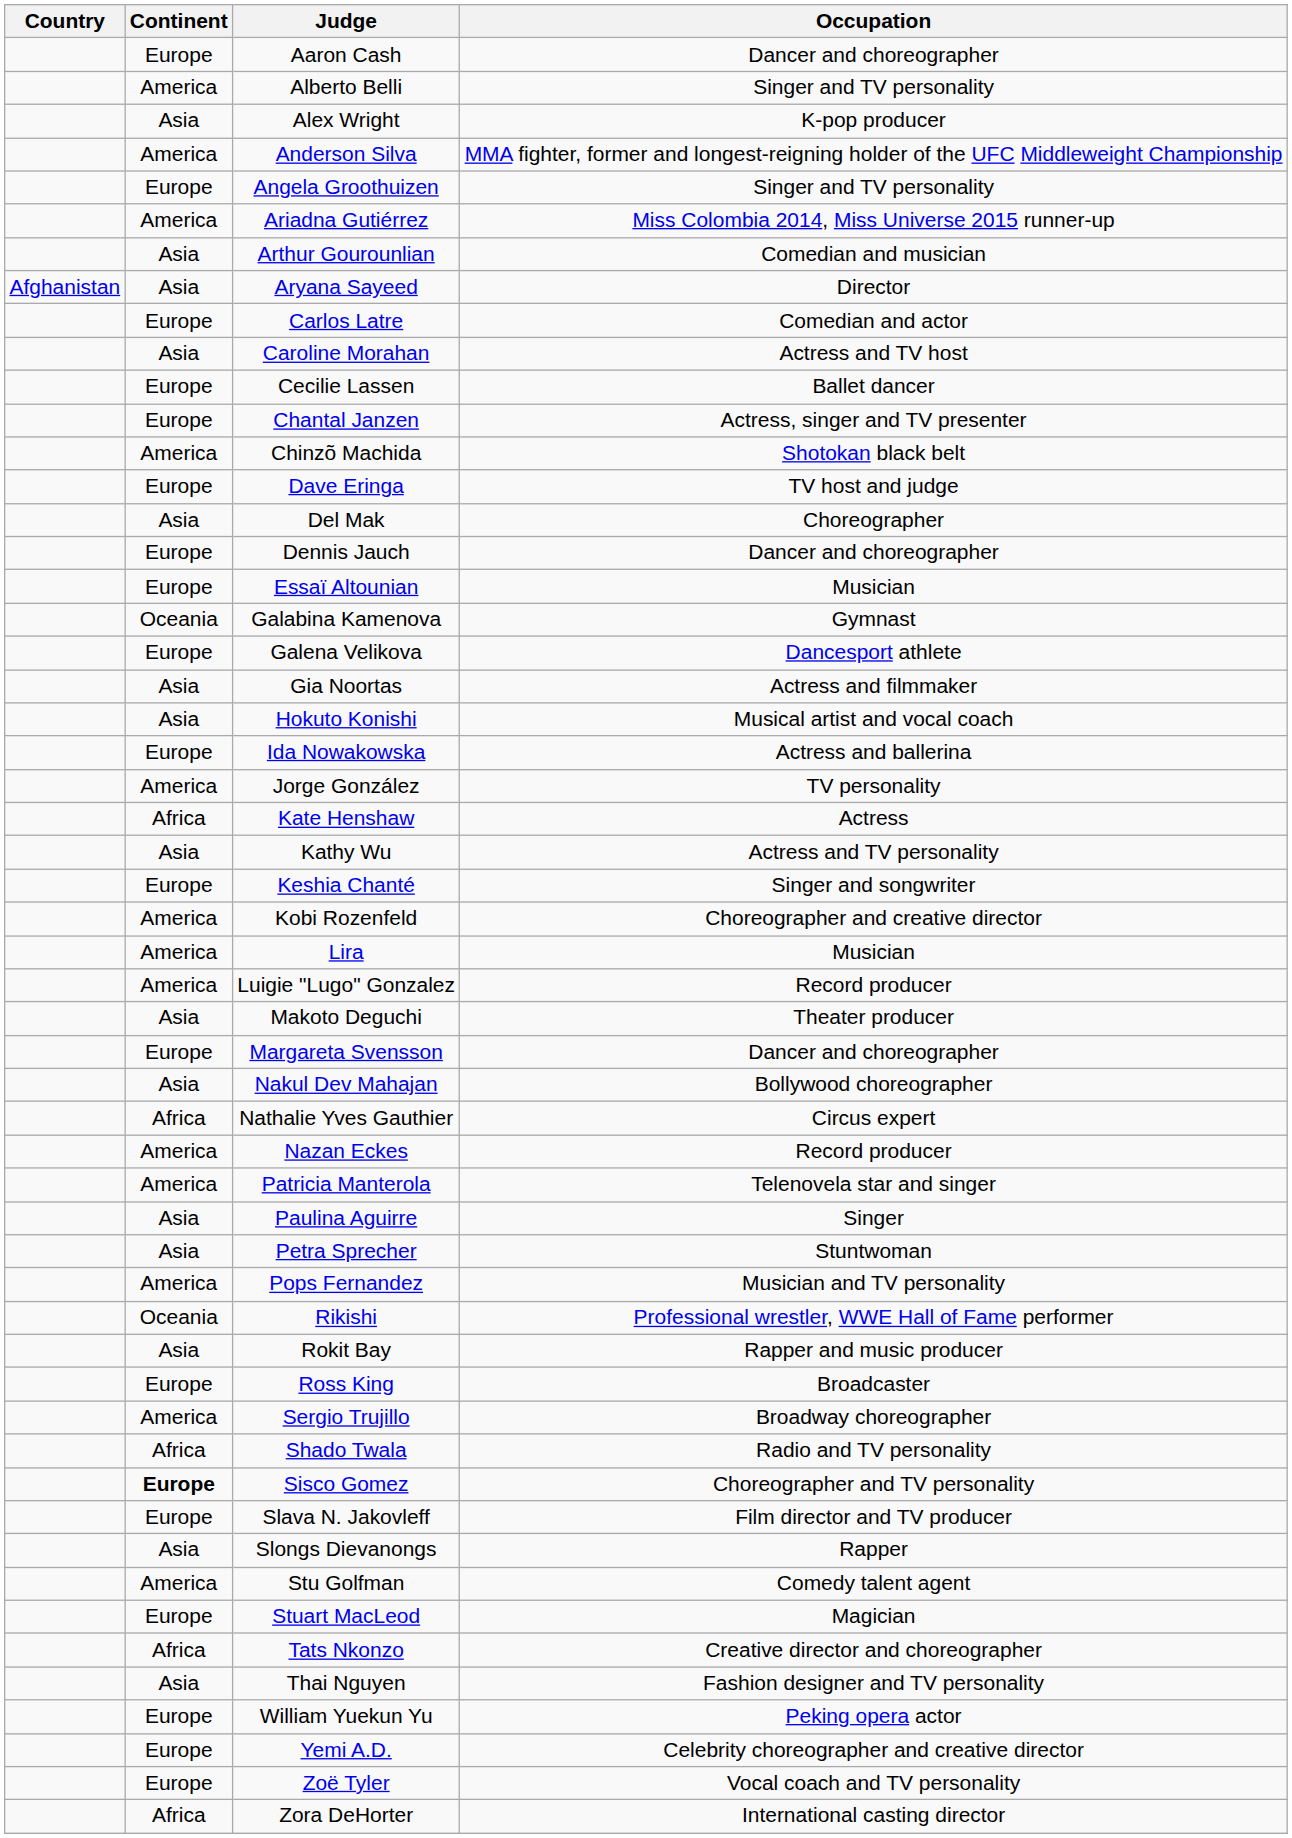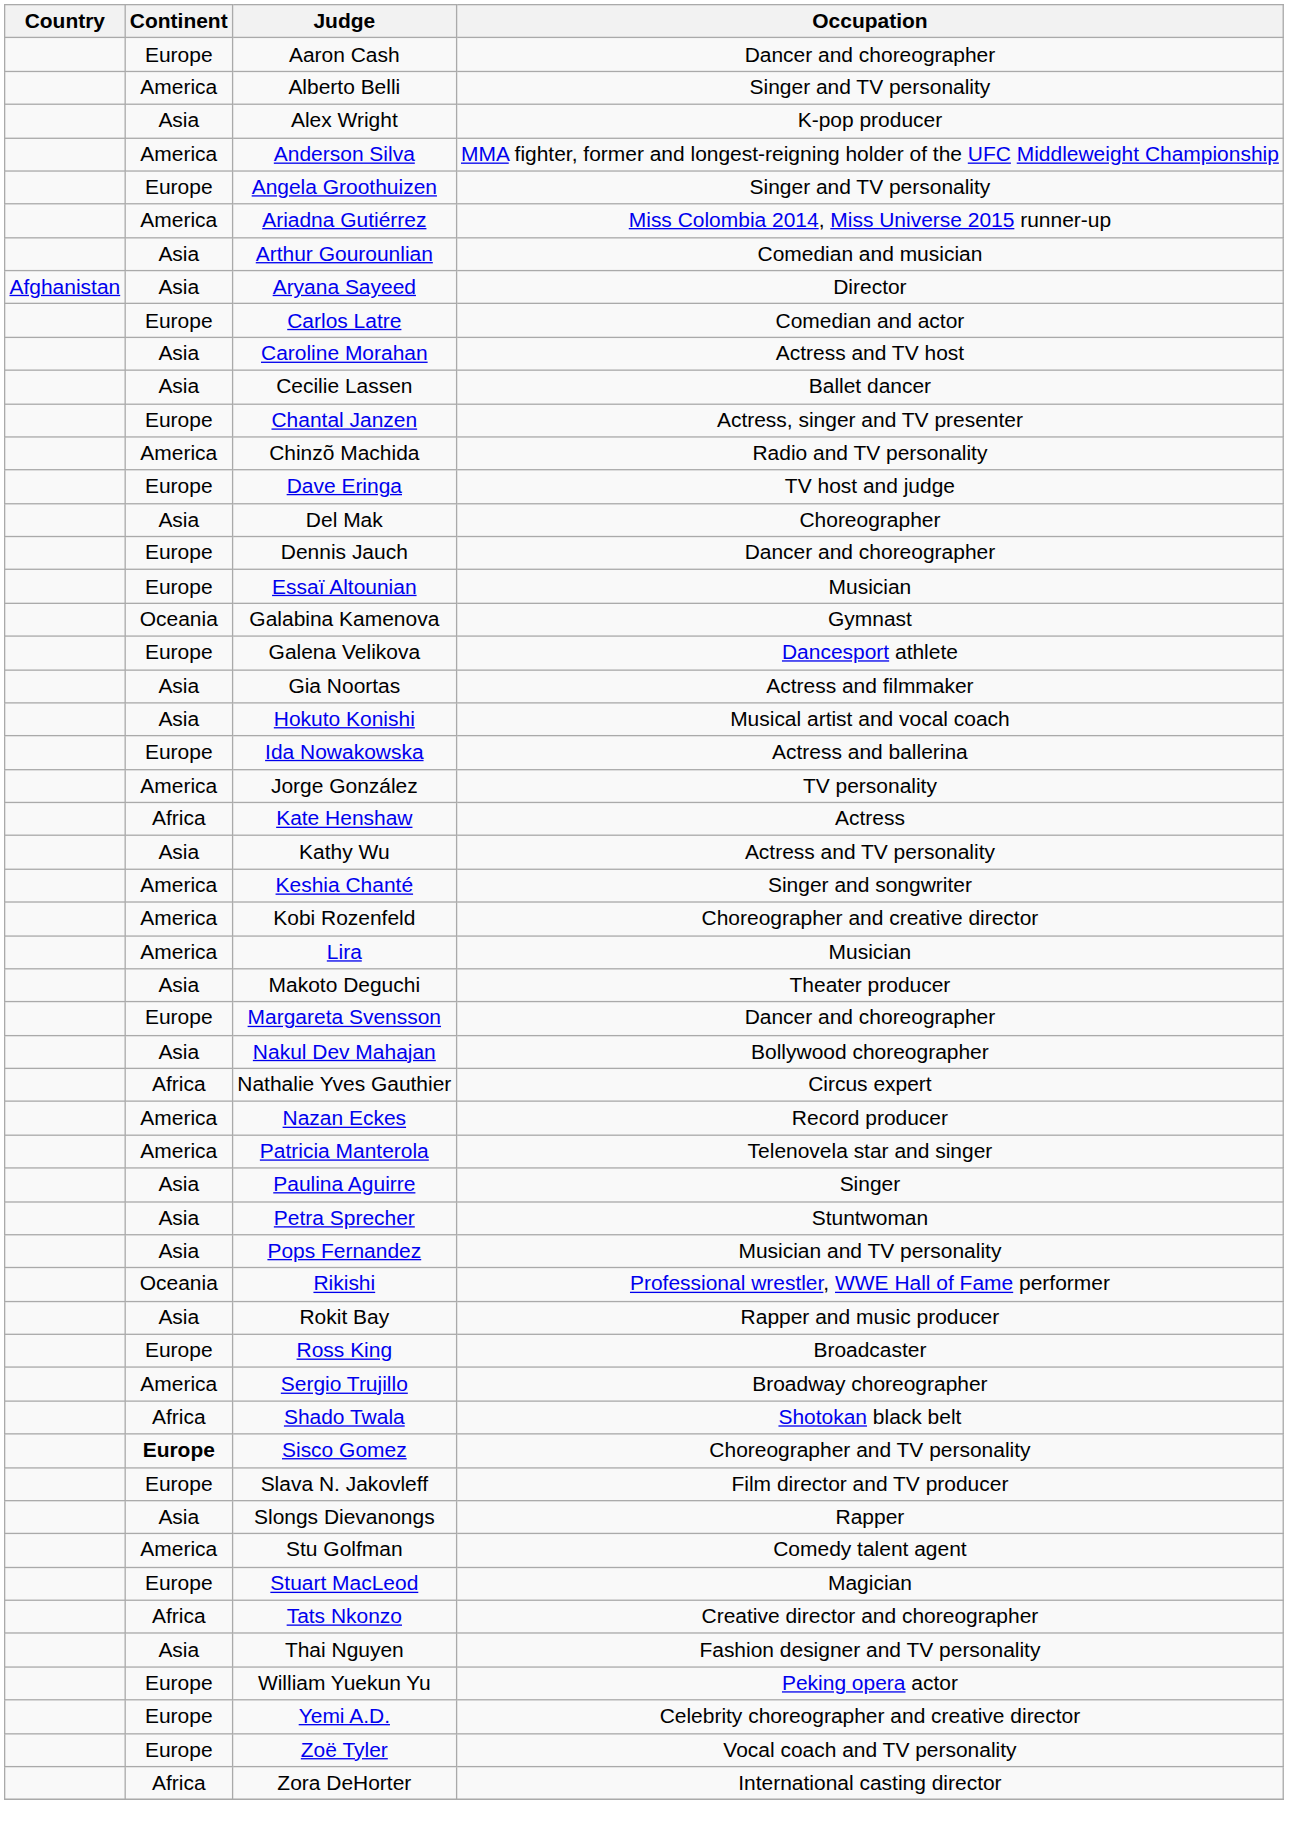 <table class="wikitable sortable" style="text-align:center;">
 <tr>
 <th>Country</th>
 <th>Continent</th>
 <th>Judge</th>
 <th>Occupation</th>
 </tr>
 <tr>
 <td></td>
 <td>Europe</td>
 <td>Aaron Cash</td>
 <td>Dancer and choreographer</td>
 </tr>
 <tr>
 <td></td>
 <td>America</td>
 <td>Alberto Belli</td>
 <td>Singer and TV personality</td>
 </tr>
 <tr>
 <td></td>
 <td>Asia</td>
 <td>Alex Wright</td>
 <td>K-pop producer</td>
 </tr>
 <tr>
 <td></td>
 <td>America</td>
 <td><a href='#'>Anderson Silva</a></td>
 <td><a href='#'>MMA</a> fighter, former and longest-reigning holder of the <a href='#'>UFC</a> <a href='#'>Middleweight Championship</a></td>
 </tr>
 <tr>
 <td></td>
 <td>Europe</td>
 <td><a href='#'>Angela Groothuizen</a></td>
 <td>Singer and TV personality</td>
 </tr>
 <tr>
 <td></td>
 <td>America</td>
 <td><a href='#'>Ariadna Gutiérrez</a></td>
 <td><a href='#'>Miss Colombia 2014</a>, <a href='#'>Miss Universe 2015</a> runner-up</td>
 </tr>
 <tr>
 <td></td>
 <td>Asia</td>
 <td><a href='#'>Arthur Gourounlian</a></td>
 <td>Comedian and musician</td>
 </tr>
 <tr>
 <td> <a href='#'>Afghanistan</a></td>
 <td>Asia</td>
 <td><a href='#'>Aryana Sayeed</a></td>
 <td>Director</td>
 </tr>
 <tr>
 <td></td>
 <td>Europe</td>
 <td><a href='#'>Carlos Latre</a></td>
 <td>Comedian and actor</td>
 </tr>
 <tr>
 <td></td>
 <td>Asia</td>
 <td><a href='#'>Caroline Morahan</a></td>
 <td>Actress and TV host</td>
 </tr>
 <tr>
 <td></td>
-<td>Europe</td>
+<td>Asia</td>
 <td>Cecilie Lassen</td>
 <td>Ballet dancer</td>
 </tr>
 <tr>
 <td></td>
 <td>Europe</td>
 <td><a href='#'>Chantal Janzen</a></td>
 <td>Actress, singer and TV presenter</td>
 </tr>
 <tr>
 <td></td>
 <td>America</td>
 <td>Chinzõ Machida</td>
-<td><a href='#'>Shotokan</a> black belt</td>
+<td>Radio and TV personality</td>
 </tr>
 <tr>
 <td></td>
 <td>Europe</td>
 <td><a href='#'>Dave Eringa</a></td>
 <td>TV host and judge</td>
 </tr>
 <tr>
 <td></td>
 <td>Asia</td>
 <td>Del Mak</td>
 <td>Choreographer</td>
 </tr>
 <tr>
 <td></td>
 <td>Europe</td>
 <td>Dennis Jauch</td>
 <td>Dancer and choreographer</td>
 </tr>
 <tr>
 <td></td>
 <td>Europe</td>
 <td><a href='#'>Essaï Altounian</a></td>
 <td>Musician</td>
 </tr>
 <tr>
 <td></td>
 <td>Oceania</td>
 <td>Galabina Kamenova</td>
 <td>Gymnast</td>
 </tr>
 <tr>
 <td></td>
 <td>Europe</td>
 <td>Galena Velikova</td>
 <td><a href='#'>Dancesport</a> athlete</td>
 </tr>
 <tr>
 <td></td>
 <td>Asia</td>
 <td>Gia Noortas</td>
 <td>Actress and filmmaker</td>
 </tr>
 <tr>
 <td></td>
 <td>Asia</td>
 <td><a href='#'>Hokuto Konishi</a></td>
 <td>Musical artist and vocal coach</td>
 </tr>
 <tr>
 <td></td>
 <td>Europe</td>
 <td><a href='#'>Ida Nowakowska</a></td>
 <td>Actress and ballerina</td>
 </tr>
 <tr>
 <td></td>
 <td>America</td>
 <td>Jorge González</td>
 <td>TV personality</td>
 </tr>
 <tr>
 <td></td>
 <td>Africa</td>
 <td><a href='#'>Kate Henshaw</a></td>
 <td>Actress</td>
 </tr>
 <tr>
 <td></td>
 <td>Asia</td>
 <td>Kathy Wu</td>
 <td>Actress and TV personality</td>
 </tr>
 <tr>
 <td></td>
-<td>Europe</td>
+<td>America</td>
 <td><a href='#'>Keshia Chanté</a></td>
 <td>Singer and songwriter</td>
 </tr>
 <tr>
 <td></td>
 <td>America</td>
 <td>Kobi Rozenfeld</td>
 <td>Choreographer and creative director</td>
 </tr>
 <tr>
 <td></td>
 <td>America</td>
 <td><a href='#'>Lira</a></td>
 <td>Musician</td>
-</tr>
-<tr>
-<td></td>
-<td>America</td>
-<td>Luigie "Lugo" Gonzalez</td>
-<td>Record producer</td>
 </tr>
 <tr>
 <td></td>
 <td>Asia</td>
 <td>Makoto Deguchi</td>
 <td>Theater producer</td>
 </tr>
 <tr>
 <td></td>
 <td>Europe</td>
 <td><a href='#'>Margareta Svensson</a></td>
 <td>Dancer and choreographer</td>
 </tr>
 <tr>
 <td></td>
 <td>Asia</td>
 <td><a href='#'>Nakul Dev Mahajan</a></td>
 <td>Bollywood choreographer</td>
 </tr>
 <tr>
 <td></td>
 <td>Africa</td>
 <td>Nathalie Yves Gauthier</td>
 <td>Circus expert</td>
 </tr>
 <tr>
 <td></td>
 <td>America</td>
 <td><a href='#'>Nazan Eckes</a></td>
 <td>Record producer</td>
 </tr>
 <tr>
 <td></td>
 <td>America</td>
 <td><a href='#'>Patricia Manterola</a></td>
 <td>Telenovela star and singer</td>
 </tr>
 <tr>
 <td></td>
 <td>Asia</td>
 <td><a href='#'>Paulina Aguirre</a></td>
 <td>Singer</td>
 </tr>
 <tr>
 <td></td>
 <td>Asia</td>
 <td><a href='#'>Petra Sprecher</a></td>
 <td>Stuntwoman</td>
 </tr>
 <tr>
 <td></td>
-<td>America</td>
+<td>Asia</td>
 <td><a href='#'>Pops Fernandez</a></td>
 <td>Musician and TV personality</td>
 </tr>
 <tr>
 <td></td>
 <td>Oceania</td>
 <td><a href='#'>Rikishi</a></td>
 <td><a href='#'>Professional wrestler</a>, <a href='#'>WWE Hall of Fame</a> performer</td>
 </tr>
 <tr>
 <td></td>
 <td>Asia</td>
 <td>Rokit Bay</td>
 <td>Rapper and music producer</td>
 </tr>
 <tr>
 <td></td>
 <td>Europe</td>
 <td><a href='#'>Ross King</a></td>
 <td>Broadcaster</td>
 </tr>
 <tr>
 <td></td>
 <td>America</td>
 <td><a href='#'>Sergio Trujillo</a></td>
 <td>Broadway choreographer</td>
 </tr>
 <tr>
 <td></td>
 <td>Africa</td>
 <td><a href='#'>Shado Twala</a></td>
-<td>Radio and TV personality</td>
+<td><a href='#'>Shotokan</a> black belt</td>
 </tr>
 <tr>
 <td></td>
 <td><strong>Europe</strong></td>
 <td><a href='#'>Sisco Gomez</a></td>
 <td>Choreographer and TV personality</td>
 </tr>
 <tr>
 <td></td>
 <td>Europe</td>
 <td>Slava N. Jakovleff</td>
 <td>Film director and TV producer</td>
 </tr>
 <tr>
 <td></td>
 <td>Asia</td>
 <td>Slongs Dievanongs</td>
 <td>Rapper</td>
 </tr>
 <tr>
 <td></td>
 <td>America</td>
 <td>Stu Golfman</td>
 <td>Comedy talent agent</td>
 </tr>
 <tr>
 <td></td>
 <td>Europe</td>
 <td><a href='#'>Stuart MacLeod</a></td>
 <td>Magician</td>
 </tr>
 <tr>
 <td></td>
 <td>Africa</td>
 <td><a href='#'>Tats Nkonzo</a></td>
 <td>Creative director and choreographer</td>
 </tr>
 <tr>
 <td></td>
 <td>Asia</td>
 <td>Thai Nguyen</td>
 <td>Fashion designer and TV personality</td>
 </tr>
 <tr>
 <td></td>
 <td>Europe</td>
 <td>William Yuekun Yu</td>
 <td><a href='#'>Peking opera</a> actor</td>
 </tr>
 <tr>
 <td></td>
 <td>Europe</td>
 <td><a href='#'>Yemi A.D.</a></td>
 <td>Celebrity choreographer and creative director</td>
 </tr>
 <tr>
 <td></td>
 <td>Europe</td>
 <td><a href='#'>Zoë Tyler</a></td>
 <td>Vocal coach and TV personality</td>
 </tr>
 <tr>
 <td></td>
 <td>Africa</td>
 <td>Zora DeHorter</td>
 <td>International casting director</td>
 </tr>
 <tr>
 </tr>
 </table>
